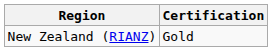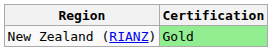 <table class="wikitable sortable">
 <tr>
 <th>Region</th>
 <th>Certification</th>
 </tr>
 <tr>
 <td>New Zealand (<a href='#'>RIANZ</a>)</td>
-<td>Gold</td>
+<td style="background: lightgreen;">Gold</td>
 </tr>
 </table>
